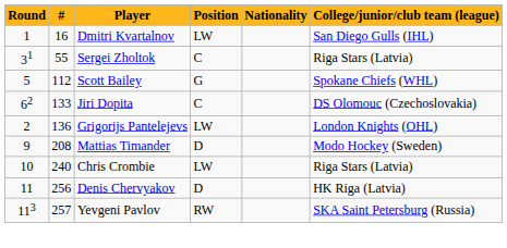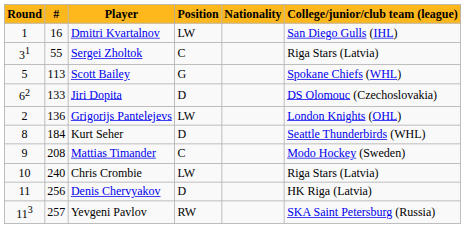 <table class="wikitable">
 <tr>
 <th style="background:#FFB81C; color:#000000;">Round</th>
 <th style="background:#FFB81C; color:#000000;">#</th>
 <th style="background:#FFB81C; color:#000000;">Player</th>
 <th style="background:#FFB81C; color:#000000;">Position</th>
 <th style="background:#FFB81C; color:#000000;">Nationality</th>
 <th style="background:#FFB81C; color:#000000;">College/junior/club team (league)</th>
 </tr>
 <tr>
 <td style="text-align:center;">1</td>
 <td style="text-align:center;">16</td>
 <td><a href='#'>Dmitri Kvartalnov</a></td>
 <td>LW</td>
 <td></td>
 <td><a href='#'>San Diego Gulls</a> (<a href='#'>IHL</a>)</td>
 </tr>
 <tr>
 <td style="text-align:center;">3<sup>1</sup></td>
 <td style="text-align:center;">55</td>
 <td><a href='#'>Sergei Zholtok</a></td>
 <td>C</td>
 <td></td>
 <td>Riga Stars (Latvia)</td>
 </tr>
 <tr>
 <td style="text-align:center;">5</td>
-<td style="text-align:center;">112</td>
+<td style="text-align:center;">113</td>
 <td><a href='#'>Scott Bailey</a></td>
 <td>G</td>
 <td></td>
 <td><a href='#'>Spokane Chiefs</a> (<a href='#'>WHL</a>)</td>
 </tr>
 <tr>
 <td style="text-align:center;">6<sup>2</sup></td>
 <td style="text-align:center;">133</td>
 <td><a href='#'>Jiri Dopita</a></td>
-<td>C</td>
+<td>D</td>
 <td></td>
 <td><a href='#'>DS Olomouc</a> (Czechoslovakia)</td>
 </tr>
 <tr>
 <td style="text-align:center;">2</td>
 <td style="text-align:center;">136</td>
 <td><a href='#'>Grigorijs Pantelejevs</a></td>
 <td>LW</td>
 <td></td>
 <td><a href='#'>London Knights</a> (<a href='#'>OHL</a>)</td>
 </tr>
 <tr>
+<td style="text-align:center;">8</td>
+<td style="text-align:center;">184</td>
+<td>Kurt Seher</td>
+<td>D</td>
+<td></td>
+<td><a href='#'>Seattle Thunderbirds</a> (WHL)</td>
+</tr>
+<tr>
 <td style="text-align:center;">9</td>
 <td style="text-align:center;">208</td>
 <td><a href='#'>Mattias Timander</a></td>
-<td>D</td>
+<td>C</td>
 <td></td>
 <td><a href='#'>Modo Hockey</a> (Sweden)</td>
 </tr>
 <tr>
 <td style="text-align:center;">10</td>
 <td style="text-align:center;">240</td>
 <td>Chris Crombie</td>
 <td>LW</td>
 <td></td>
 <td>Riga Stars (Latvia)</td>
 </tr>
 <tr>
 <td style="text-align:center;">11</td>
 <td style="text-align:center;">256</td>
 <td><a href='#'>Denis Chervyakov</a></td>
 <td>D</td>
 <td></td>
 <td>HK Riga (Latvia)</td>
 </tr>
 <tr>
 <td style="text-align:center;">11<sup>3</sup></td>
 <td style="text-align:center;">257</td>
 <td>Yevgeni Pavlov</td>
 <td>RW</td>
 <td></td>
 <td><a href='#'>SKA Saint Petersburg</a> (Russia)</td>
 </tr>
 </table>
